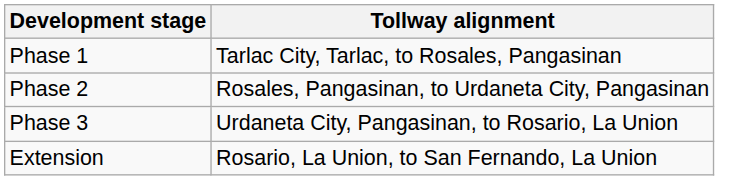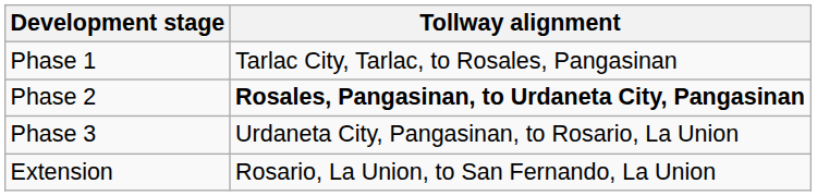 <table class="wikitable sortable">
 <tr>
 <th>Development stage</th>
 <th>Tollway alignment</th>
 </tr>
 <tr>
 <td>Phase 1</td>
 <td align="left">Tarlac City, Tarlac, to Rosales, Pangasinan</td>
 </tr>
 <tr>
 <td>Phase 2</td>
-<td align="left">Rosales, Pangasinan, to Urdaneta City, Pangasinan</td>
+<td align="left"><strong>Rosales, Pangasinan, to Urdaneta City, Pangasinan</strong></td>
 </tr>
 <tr>
 <td>Phase 3</td>
 <td align="left">Urdaneta City, Pangasinan, to Rosario, La Union</td>
 </tr>
 <tr>
 <td>Extension</td>
 <td align="left">Rosario, La Union, to San Fernando, La Union</td>
 </tr>
 </table>
